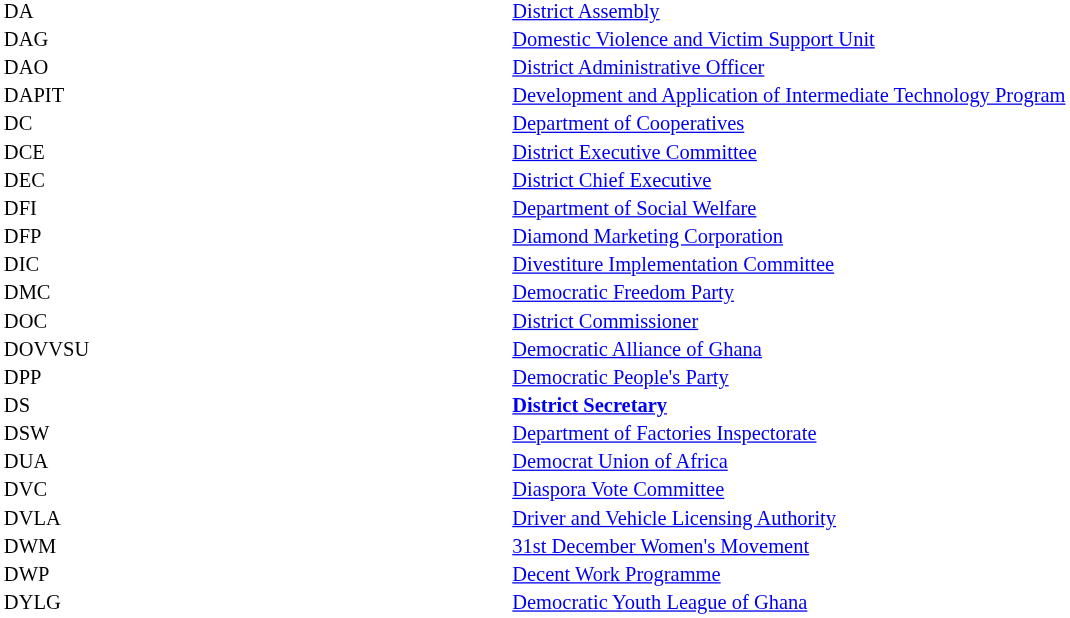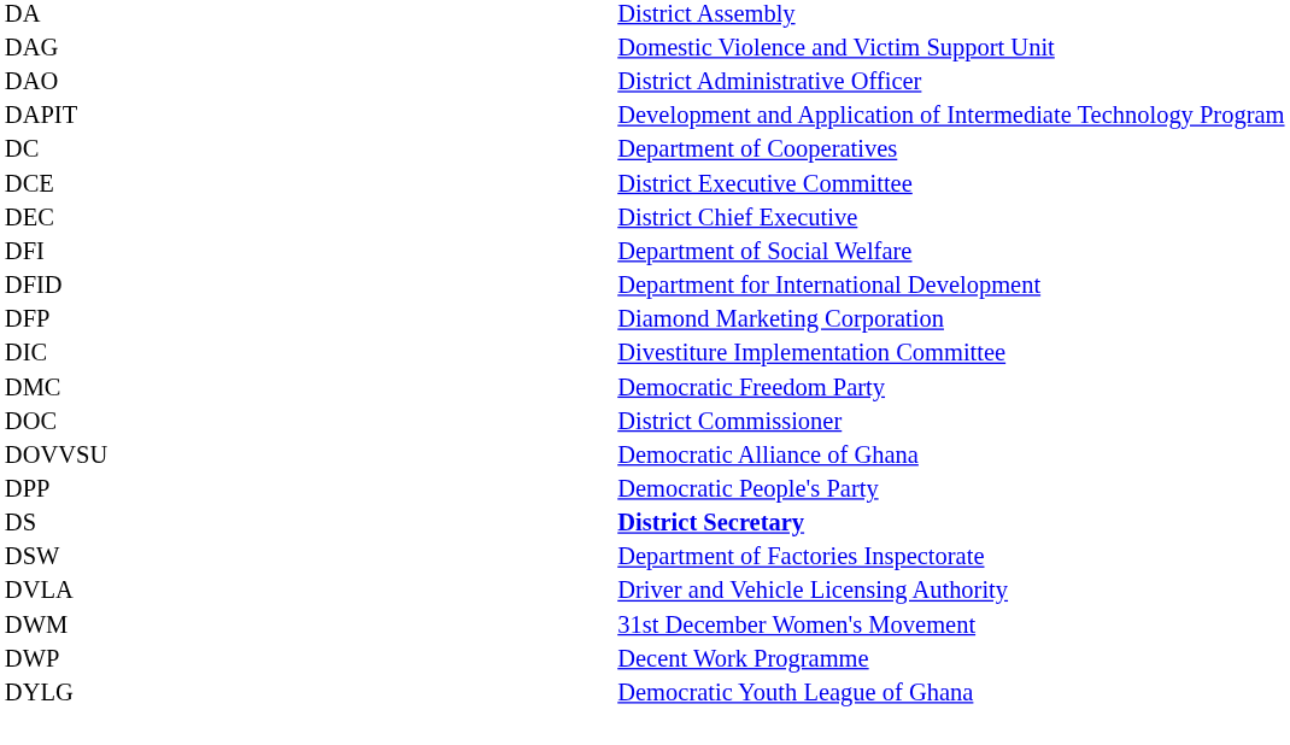 <table width="100%" style="text-verticalalign:top">
 <tr>
 <td width="20%">DA</td>
 <td width="40%"><a href='#'>District Assembly</a></td>
 <td width="40%"></td>
 </tr>
 <tr>
 <td>DAG</td>
 <td><a href='#'>Domestic Violence and Victim Support Unit</a></td>
 <td></td>
 </tr>
 <tr>
 <td>DAO</td>
 <td><a href='#'>District Administrative Officer</a></td>
 <td></td>
 </tr>
 <tr>
 <td>DAPIT</td>
 <td><a href='#'>Development and Application of Intermediate Technology Program</a></td>
 <td></td>
 </tr>
 <tr>
 <td>DC</td>
 <td><a href='#'>Department of Cooperatives</a></td>
 <td></td>
 </tr>
 <tr>
 <td>DCE</td>
 <td><a href='#'>District Executive Committee</a></td>
 <td></td>
 </tr>
 <tr>
 <td>DEC</td>
 <td><a href='#'>District Chief Executive</a></td>
 <td></td>
 </tr>
 <tr>
 <td>DFI</td>
 <td><a href='#'>Department of Social Welfare</a></td>
+<td></td>
+</tr>
+<tr>
+<td>DFID</td>
+<td><a href='#'>Department for International Development</a></td>
 <td></td>
 </tr>
 <tr>
 <td>DFP</td>
 <td><a href='#'>Diamond Marketing Corporation</a></td>
 <td></td>
 </tr>
 <tr>
 <td>DIC</td>
 <td><a href='#'>Divestiture Implementation Committee</a></td>
 <td></td>
 </tr>
 <tr>
 <td>DMC</td>
 <td><a href='#'>Democratic Freedom Party</a></td>
 <td></td>
 </tr>
 <tr>
 <td>DOC</td>
 <td><a href='#'>District Commissioner</a></td>
 <td></td>
 </tr>
 <tr>
 <td>DOVVSU</td>
 <td><a href='#'>Democratic Alliance of Ghana</a></td>
 <td></td>
 </tr>
 <tr>
 <td>DPP</td>
 <td><a href='#'>Democratic People's Party</a></td>
 <td></td>
 </tr>
 <tr>
 <td>DS</td>
 <td><strong><a href='#'>District Secretary</a></strong></td>
 <td></td>
 </tr>
 <tr>
 <td>DSW</td>
 <td><a href='#'>Department of Factories Inspectorate</a></td>
 <td></td>
 </tr>
 <tr>
-<td>DUA</td>
-<td><a href='#'>Democrat Union of Africa</a></td>
-<td></td>
-</tr>
-<tr>
-<td>DVC</td>
-<td><a href='#'>Diaspora Vote Committee</a></td>
-<td></td>
-</tr>
-<tr>
 <td>DVLA</td>
 <td><a href='#'>Driver and Vehicle Licensing Authority</a></td>
 <td></td>
 </tr>
 <tr>
 <td>DWM</td>
 <td><a href='#'>31st December Women's Movement</a></td>
 <td></td>
 </tr>
 <tr>
 <td>DWP</td>
 <td><a href='#'>Decent Work Programme</a></td>
 <td></td>
 </tr>
 <tr>
 <td>DYLG</td>
 <td><a href='#'>Democratic Youth League of Ghana</a></td>
 <td></td>
 </tr>
 </table>
